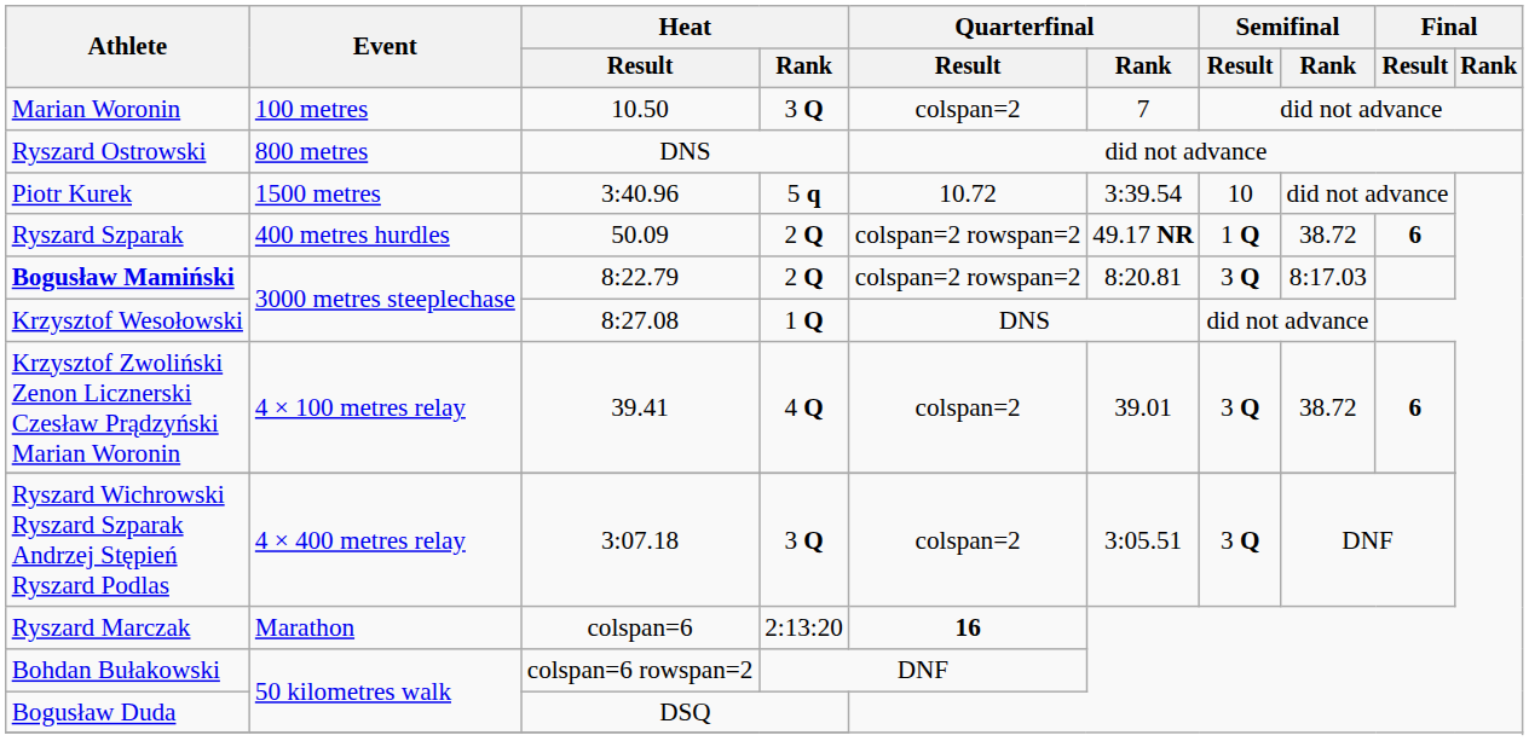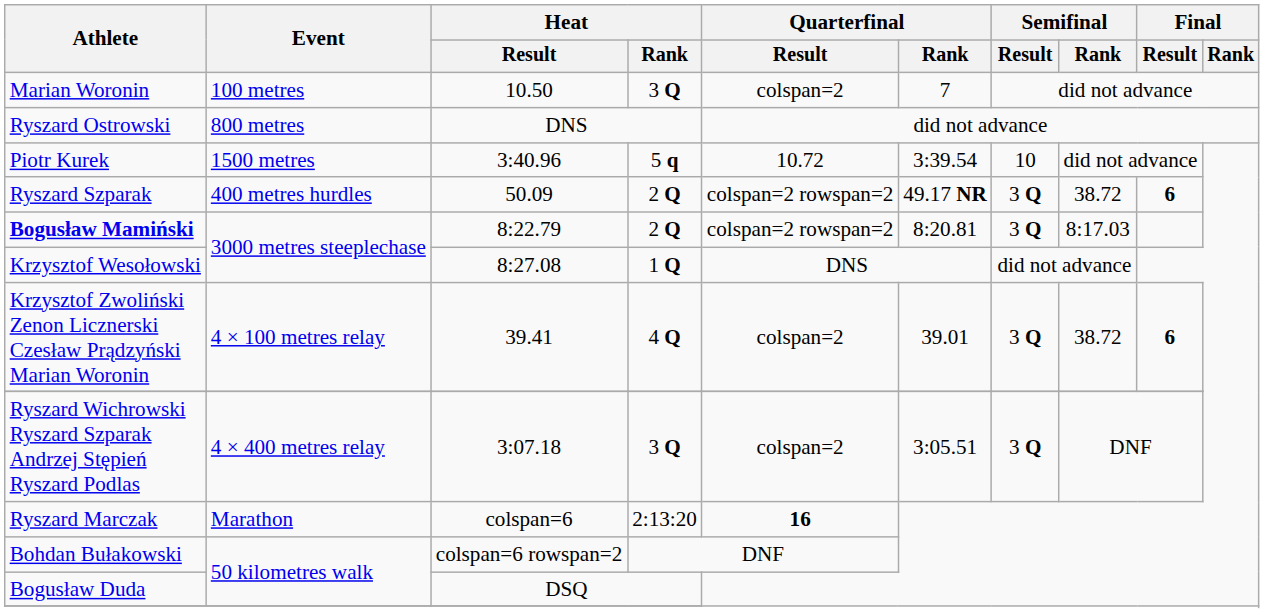 <table class="wikitable" style="font-size:90%">
 <tr>
 <th rowspan="2">Athlete</th>
 <th rowspan="2">Event</th>
 <th colspan="2">Heat</th>
 <th colspan="2">Quarterfinal</th>
 <th colspan="2">Semifinal</th>
 <th colspan="2">Final</th>
 </tr>
 <tr style="font-size:95%">
 <th>Result</th>
 <th>Rank</th>
 <th>Result</th>
 <th>Rank</th>
 <th>Result</th>
 <th>Rank</th>
 <th>Result</th>
 <th>Rank</th>
 </tr>
 <tr style=text-align:center>
 <td style=text-align:left><a href='#'>Marian Woronin</a></td>
 <td style=text-align:left><a href='#'>100 metres</a></td>
 <td>10.50</td>
 <td>3 <strong>Q</strong></td>
 <td>colspan=2 </td>
 <td>7</td>
 <td colspan=4>did not advance</td>
 </tr>
 <tr style=text-align:center>
 <td style=text-align:left><a href='#'>Ryszard Ostrowski</a></td>
 <td style=text-align:left><a href='#'>800 metres</a></td>
 <td colspan=2>DNS</td>
 <td colspan=6>did not advance</td>
 </tr>
 <tr style=text-align:center>
 <td style=text-align:left><a href='#'>Piotr Kurek</a></td>
 <td style=text-align:left><a href='#'>1500 metres</a></td>
 <td>3:40.96</td>
 <td>5 <strong>q</strong></td>
 <td>10.72</td>
 <td>3:39.54</td>
 <td>10</td>
 <td colspan=2>did not advance</td>
 </tr>
 <tr style=text-align:center>
 <td style=text-align:left><a href='#'>Ryszard Szparak</a></td>
 <td style=text-align:left><a href='#'>400 metres hurdles</a></td>
 <td>50.09</td>
 <td>2 <strong>Q</strong></td>
 <td>colspan=2 rowspan=2 </td>
 <td>49.17 <strong>NR</strong></td>
-<td>1 <strong>Q</strong></td>
+<td>3 <strong>Q</strong></td>
 <td>38.72</td>
 <td><strong>6</strong></td>
 </tr>
 <tr style=text-align:center>
 <td style=text-align:left><strong><a href='#'>Bogusław Mamiński</a></strong></td>
 <td style=text-align:left rowspan=2><a href='#'>3000 metres steeplechase</a></td>
 <td>8:22.79</td>
 <td>2 <strong>Q</strong></td>
 <td>colspan=2 rowspan=2 </td>
 <td>8:20.81</td>
 <td>3 <strong>Q</strong></td>
 <td>8:17.03</td>
 <td></td>
 </tr>
 <tr style=text-align:center>
 <td style=text-align:left><a href='#'>Krzysztof Wesołowski</a></td>
 <td>8:27.08</td>
 <td>1 <strong>Q</strong></td>
 <td colspan=2>DNS</td>
 <td colspan=2>did not advance</td>
 </tr>
 <tr style=text-align:center>
 <td style=text-align:left><a href='#'>Krzysztof Zwoliński</a><br><a href='#'>Zenon Licznerski</a><br><a href='#'>Czesław Prądzyński</a><br><a href='#'>Marian Woronin</a></td>
 <td style=text-align:left><a href='#'>4 × 100 metres relay</a></td>
 <td>39.41</td>
 <td>4 <strong>Q</strong></td>
 <td>colspan=2 </td>
 <td>39.01</td>
 <td>3 <strong>Q</strong></td>
 <td>38.72</td>
 <td><strong>6</strong></td>
 </tr>
 <tr>
 </tr>
 <tr style=text-align:center>
 <td style=text-align:left><a href='#'>Ryszard Wichrowski</a><br><a href='#'>Ryszard Szparak</a><br><a href='#'>Andrzej Stępień</a><br><a href='#'>Ryszard Podlas</a></td>
 <td style=text-align:left><a href='#'>4 × 400 metres relay</a></td>
 <td>3:07.18</td>
 <td>3 <strong>Q</strong></td>
 <td>colspan=2 </td>
 <td>3:05.51</td>
 <td>3 <strong>Q</strong></td>
 <td colspan=2>DNF</td>
 </tr>
 <tr style=text-align:center>
 <td style=text-align:left><a href='#'>Ryszard Marczak</a></td>
 <td style=text-align:left><a href='#'>Marathon</a></td>
 <td>colspan=6 </td>
 <td>2:13:20</td>
 <td><strong>16</strong></td>
 </tr>
 <tr style=text-align:center>
 <td style=text-align:left><a href='#'>Bohdan Bułakowski</a></td>
 <td style=text-align:left rowspan=2><a href='#'>50 kilometres walk</a></td>
 <td>colspan=6 rowspan=2 </td>
 <td colspan=2 align=center>DNF</td>
 </tr>
 <tr style=text-align:center>
 <td style=text-align:left><a href='#'>Bogusław Duda</a></td>
 <td colspan=2 align=center>DSQ</td>
 </tr>
 <tr>
 </tr>
 </table>
